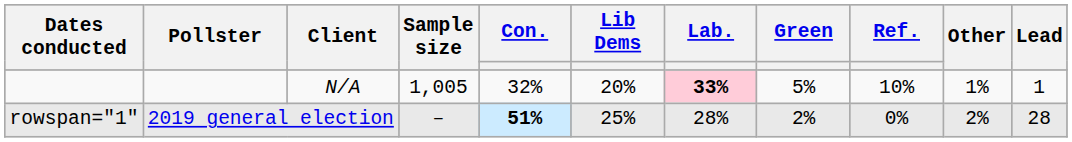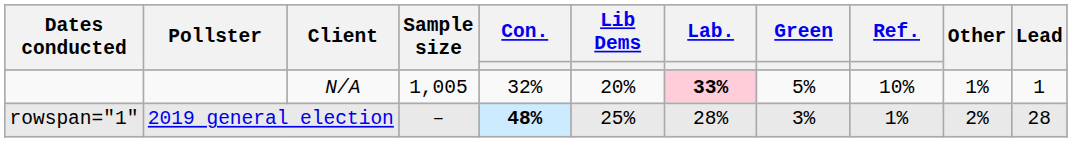 <table class="wikitable sortable mw-datatable" style="text-align:center; font-size:90%; line-height:14px;">
 <tr>
 <th rowspan="2">Dates<br>conducted</th>
 <th rowspan="2">Pollster</th>
 <th rowspan="2">Client</th>
 <th data-sort-type="number" rowspan="2">Sample<br>size</th>
 <th class="unsortable" style="width:50px;"><a href='#'>Con.</a></th>
 <th class="unsortable" style="width:50px;"><a href='#'>Lib Dems</a></th>
 <th class="unsortable" style="width:50px;"><a href='#'>Lab.</a></th>
 <th class="unsortable" style="width:50px;"><a href='#'>Green</a></th>
 <th class="unsortable" style="width:50px;"><a href='#'>Ref.</a></th>
 <th class="unsortable" rowspan="2">Other</th>
 <th data-sort-type="number" rowspan="2">Lead</th>
 </tr>
 <tr>
 <th data-sort-type="number" style="background:"></th>
 <th data-sort-type="number" style="background:"></th>
 <th data-sort-type="number" style="background:"></th>
 <th data-sort-type="number" style="background:"></th>
 <th data-sort-type="number" style="background:"></th>
 </tr>
 <tr>
 <td></td>
 <td></td>
 <td><em>N/A</em></td>
 <td>1,005</td>
 <td>32%</td>
 <td>20%</td>
 <td style="background:#FFCCD9"><strong>33%</strong></td>
 <td>5%</td>
 <td>10%</td>
 <td>1%</td>
 <td style="background:">1</td>
 </tr>
 <tr style="background:#e9e9e9;">
 <td>rowspan="1" </td>
 <td colspan="2"><a href='#'>2019 general election</a></td>
 <td>–</td>
-<td style="background:#CCEBFF;"><strong>51%</strong></td>
+<td style="background:#CCEBFF;"><strong>48%</strong></td>
 <td>25%</td>
 <td>28%</td>
-<td>2%</td>
-<td>0%</td>
+<td>3%</td>
+<td>1%</td>
 <td>2%</td>
 <td style="background:">28</td>
 </tr>
 </table>
